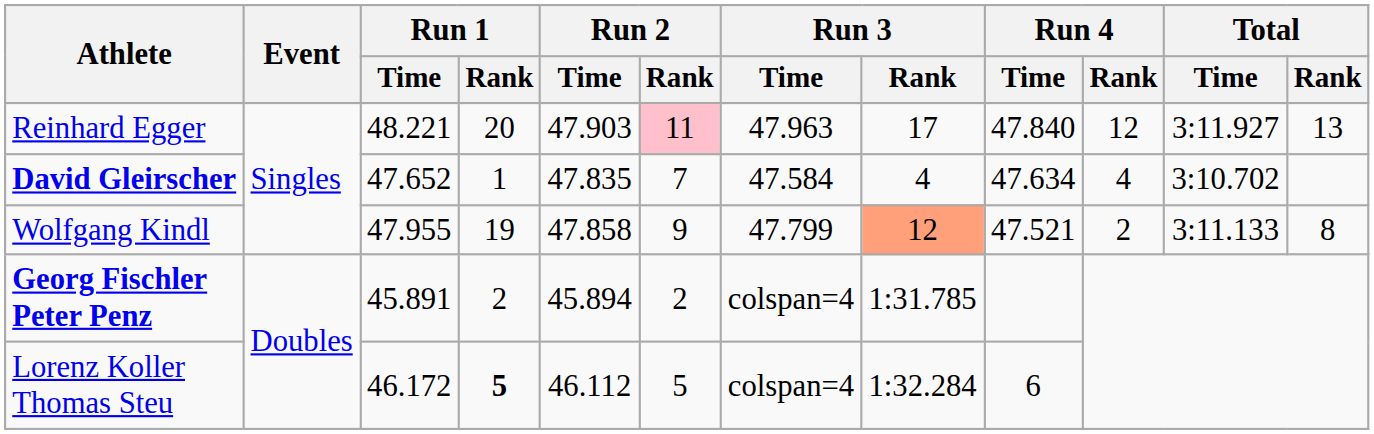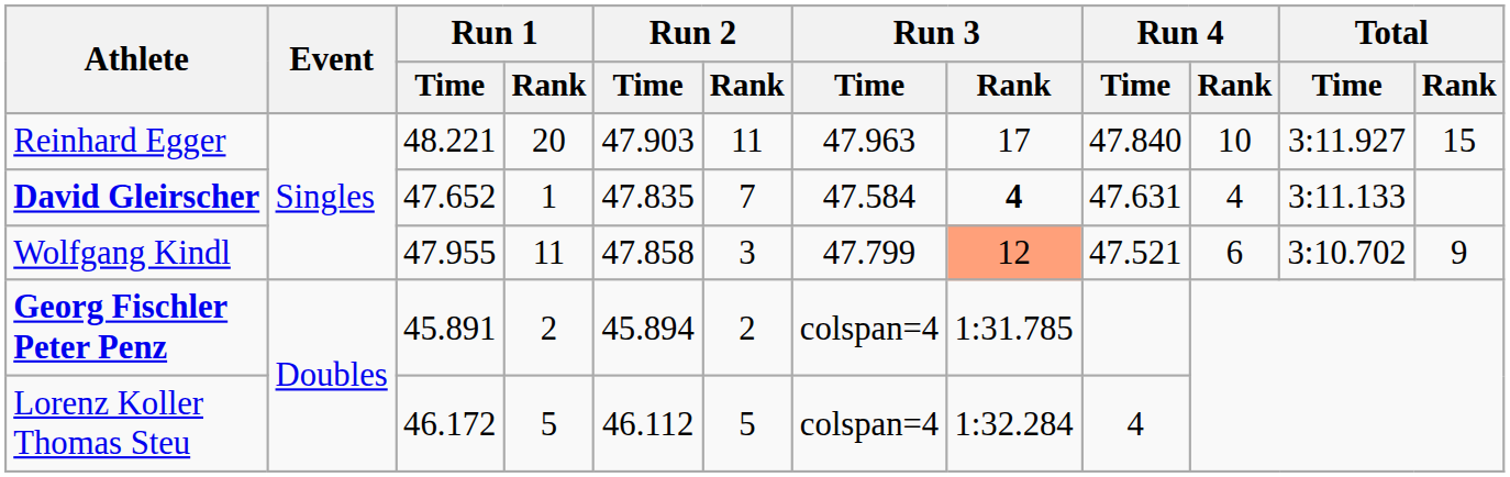 <table class="wikitable" style="font-size:90%">
 <tr>
 <th rowspan="2">Athlete</th>
 <th rowspan="2">Event</th>
 <th colspan=2>Run 1</th>
 <th colspan=2>Run 2</th>
 <th colspan=2>Run 3</th>
 <th colspan=2>Run 4</th>
 <th colspan=2>Total</th>
 </tr>
 <tr style="font-size:95%">
 <th>Time</th>
 <th>Rank</th>
 <th>Time</th>
 <th>Rank</th>
 <th>Time</th>
 <th>Rank</th>
 <th>Time</th>
 <th>Rank</th>
 <th>Time</th>
 <th>Rank</th>
 </tr>
 <tr align=center>
 <td align=left><a href='#'>Reinhard Egger</a></td>
 <td align=left rowspan=3><a href='#'>Singles</a></td>
 <td>48.221</td>
 <td>20</td>
 <td>47.903</td>
-<td style="background: pink;">11</td>
+<td>11</td>
 <td>47.963</td>
 <td>17</td>
 <td>47.840</td>
-<td>12</td>
+<td>10</td>
 <td>3:11.927</td>
-<td>13</td>
+<td>15</td>
 </tr>
 <tr align=center>
 <td align=left><strong><a href='#'>David Gleirscher</a></strong></td>
 <td>47.652</td>
 <td>1</td>
 <td>47.835</td>
 <td>7</td>
 <td>47.584</td>
+<td><strong>4</strong></td>
+<td>47.631</td>
 <td>4</td>
-<td>47.634</td>
-<td>4</td>
-<td>3:10.702</td>
+<td>3:11.133</td>
 <td></td>
 </tr>
 <tr align=center>
 <td align=left><a href='#'>Wolfgang Kindl</a></td>
 <td>47.955</td>
-<td>19</td>
+<td>11</td>
 <td>47.858</td>
-<td>9</td>
+<td>3</td>
 <td>47.799</td>
 <td style="background: lightsalmon;">12</td>
 <td>47.521</td>
-<td>2</td>
-<td>3:11.133</td>
-<td>8</td>
+<td>6</td>
+<td>3:10.702</td>
+<td>9</td>
 </tr>
 <tr align=center>
 <td align=left><strong><a href='#'>Georg Fischler</a><br><a href='#'>Peter Penz</a></strong></td>
 <td align=left rowspan=2><a href='#'>Doubles</a></td>
 <td>45.891</td>
 <td>2</td>
 <td>45.894</td>
 <td>2</td>
 <td>colspan=4 </td>
 <td>1:31.785</td>
 <td></td>
 </tr>
 <tr align=center>
 <td align=left><a href='#'>Lorenz Koller</a><br><a href='#'>Thomas Steu</a></td>
 <td>46.172</td>
-<td><strong>5</strong></td>
+<td>5</td>
 <td>46.112</td>
 <td>5</td>
 <td>colspan=4 </td>
 <td>1:32.284</td>
-<td>6</td>
+<td>4</td>
 </tr>
 </table>
